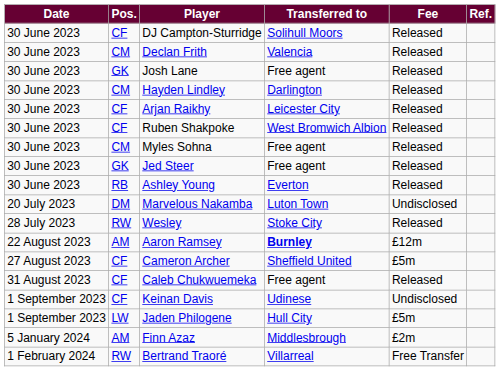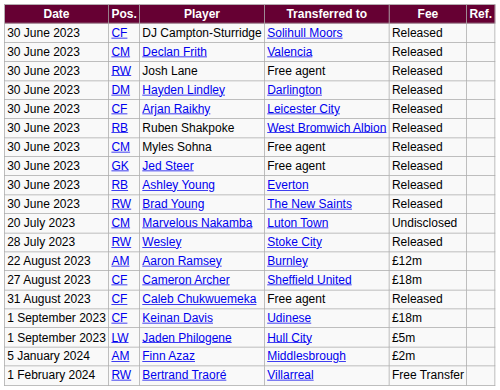 <table class="wikitable plainrowheaders sortable">
 <tr>
 <th style="background:#660033; color:#ffffff; ">Date</th>
 <th style="background:#660033; color:#ffffff; ">Pos.</th>
 <th style="background:#660033; color:#ffffff; ">Player</th>
 <th style="background:#660033; color:#ffffff; ">Transferred to</th>
 <th style="background:#660033; color:#ffffff; ">Fee</th>
 <th style="background:#660033; color:#ffffff; ">Ref.</th>
 </tr>
 <tr>
 <td>30 June 2023</td>
 <td><a href='#'>CF</a></td>
 <td> DJ Campton-Sturridge</td>
 <td> <a href='#'>Solihull Moors</a></td>
 <td>Released</td>
 <td></td>
 </tr>
 <tr>
 <td>30 June 2023</td>
 <td><a href='#'>CM</a></td>
 <td> <a href='#'>Declan Frith</a></td>
 <td> <a href='#'>Valencia</a></td>
 <td>Released</td>
 <td></td>
 </tr>
 <tr>
 <td>30 June 2023</td>
-<td><a href='#'>GK</a></td>
+<td><a href='#'>RW</a></td>
 <td> Josh Lane</td>
 <td>Free agent</td>
 <td>Released</td>
 <td></td>
 </tr>
 <tr>
 <td>30 June 2023</td>
-<td><a href='#'>CM</a></td>
+<td><a href='#'>DM</a></td>
 <td> <a href='#'>Hayden Lindley</a></td>
 <td> <a href='#'>Darlington</a></td>
 <td>Released</td>
 <td></td>
 </tr>
 <tr>
 <td>30 June 2023</td>
 <td><a href='#'>CF</a></td>
 <td> <a href='#'>Arjan Raikhy</a></td>
 <td> <a href='#'>Leicester City</a></td>
 <td>Released</td>
 <td></td>
 </tr>
 <tr>
 <td>30 June 2023</td>
-<td><a href='#'>CF</a></td>
+<td><a href='#'>RB</a></td>
 <td> Ruben Shakpoke</td>
 <td> <a href='#'>West Bromwich Albion</a></td>
 <td>Released</td>
 <td></td>
 </tr>
 <tr>
 <td>30 June 2023</td>
 <td><a href='#'>CM</a></td>
 <td> Myles Sohna</td>
 <td>Free agent</td>
 <td>Released</td>
 <td></td>
 </tr>
 <tr>
 <td>30 June 2023</td>
 <td><a href='#'>GK</a></td>
 <td> <a href='#'>Jed Steer</a></td>
 <td>Free agent</td>
 <td>Released</td>
 <td></td>
 </tr>
 <tr>
 <td>30 June 2023</td>
 <td><a href='#'>RB</a></td>
 <td> <a href='#'>Ashley Young</a></td>
 <td> <a href='#'>Everton</a></td>
 <td>Released</td>
 <td></td>
 </tr>
 <tr>
+<td>30 June 2023</td>
+<td><a href='#'>RW</a></td>
+<td> <a href='#'>Brad Young</a></td>
+<td> <a href='#'>The New Saints</a></td>
+<td>Released</td>
+<td></td>
+</tr>
+<tr>
 <td>20 July 2023</td>
-<td><a href='#'>DM</a></td>
+<td><a href='#'>CM</a></td>
 <td> <a href='#'>Marvelous Nakamba</a></td>
 <td> <a href='#'>Luton Town</a></td>
 <td>Undisclosed</td>
 <td></td>
 </tr>
 <tr>
 <td>28 July 2023</td>
 <td><a href='#'>RW</a></td>
 <td> <a href='#'>Wesley</a></td>
 <td> <a href='#'>Stoke City</a></td>
 <td>Released</td>
 <td></td>
 </tr>
 <tr>
 <td>22 August 2023</td>
 <td><a href='#'>AM</a></td>
 <td> <a href='#'>Aaron Ramsey</a></td>
-<td><strong> <a href='#'>Burnley</a></strong></td>
+<td> <a href='#'>Burnley</a></td>
 <td>£12m</td>
 <td></td>
 </tr>
 <tr>
 <td>27 August 2023</td>
 <td><a href='#'>CF</a></td>
 <td> <a href='#'>Cameron Archer</a></td>
 <td> <a href='#'>Sheffield United</a></td>
-<td>£5m</td>
+<td>£18m</td>
 <td></td>
 </tr>
 <tr>
 <td>31 August 2023</td>
 <td><a href='#'>CF</a></td>
 <td> <a href='#'>Caleb Chukwuemeka</a></td>
 <td>Free agent</td>
 <td>Released</td>
 <td></td>
 </tr>
 <tr>
 <td>1 September 2023</td>
 <td><a href='#'>CF</a></td>
 <td> <a href='#'>Keinan Davis</a></td>
 <td> <a href='#'>Udinese</a></td>
-<td>Undisclosed</td>
+<td>£18m</td>
 <td></td>
 </tr>
 <tr>
 <td>1 September 2023</td>
 <td><a href='#'>LW</a></td>
 <td> <a href='#'>Jaden Philogene</a></td>
 <td> <a href='#'>Hull City</a></td>
 <td>£5m</td>
 <td></td>
 </tr>
 <tr>
 <td>5 January 2024</td>
 <td><a href='#'>AM</a></td>
 <td> <a href='#'>Finn Azaz</a></td>
 <td> <a href='#'>Middlesbrough</a></td>
 <td>£2m</td>
 <td></td>
 </tr>
 <tr>
 <td>1 February 2024</td>
 <td><a href='#'>RW</a></td>
 <td> <a href='#'>Bertrand Traoré</a></td>
 <td> <a href='#'>Villarreal</a></td>
 <td>Free Transfer</td>
 <td></td>
 </tr>
 </table>
